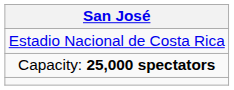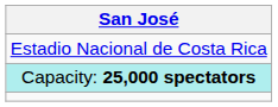 <table class="wikitable" style="text-align:center;margin:auto;">
 <tr>
 <th><a href='#'>San José</a></th>
 </tr>
 <tr>
 <td><a href='#'>Estadio Nacional de Costa Rica</a></td>
 </tr>
 <tr>
-<td>Capacity: <strong>25,000 spectators</strong></td>
+<td style="background: paleturquoise;">Capacity: <strong>25,000 spectators</strong></td>
 </tr>
 <tr>
 <td></td>
 </tr>
 </table>
